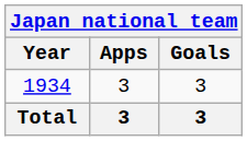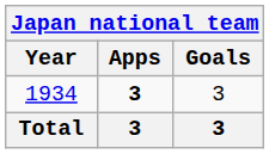 <table class="wikitable" style="text-align:center">
 <tr>
 <th colspan=3><a href='#'>Japan national team</a></th>
 </tr>
 <tr>
 <th>Year</th>
 <th>Apps</th>
 <th>Goals</th>
 </tr>
 <tr>
 <td><a href='#'>1934</a></td>
-<td>3</td>
+<td><strong>3</strong></td>
 <td>3</td>
 </tr>
 <tr>
 <th>Total</th>
 <th>3</th>
 <th>3</th>
 </tr>
 </table>
